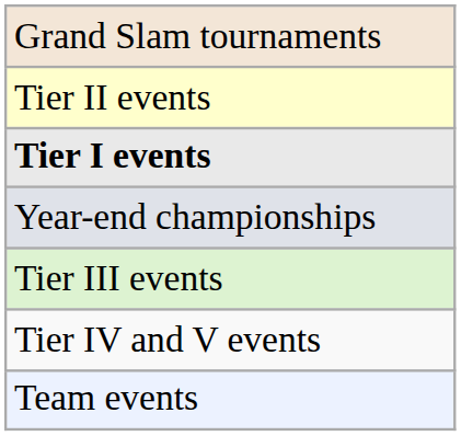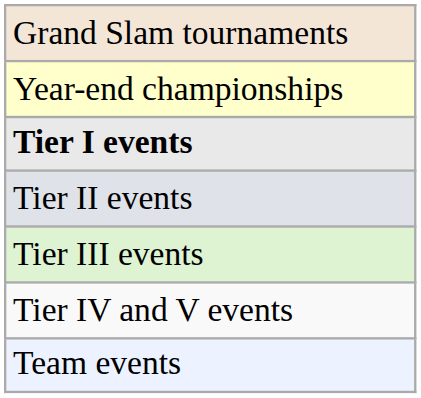 <table class=wikitable style=font-size:90%;width:14%>
 <tr style="background:#F3E6D7;">
 <td>Grand Slam tournaments</td>
 </tr>
 <tr style="background:#ffc;">
-<td>Tier II events</td>
+<td>Year-end championships</td>
 </tr>
 <tr style="background:#E9E9E9;">
 <td><strong>Tier I events</strong></td>
 </tr>
 <tr bgcolor=#dfe2e9>
-<td>Year-end championships</td>
+<td>Tier II events</td>
 </tr>
 <tr bgcolor=#DDF3D1>
 <td>Tier III events</td>
 </tr>
 <tr bgcolor=>
 <td>Tier IV and V events</td>
 </tr>
 <tr bgcolor="#ECF2FF">
 <td>Team events</td>
 </tr>
 </table>
